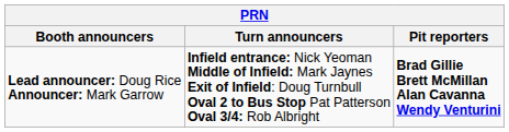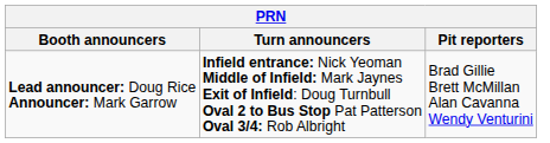 <table class="wikitable" style="font-size: 95%">
 <tr>
 <th colspan="3"><a href='#'>PRN</a></th>
 </tr>
 <tr>
 <th>Booth announcers</th>
 <th>Turn announcers</th>
 <th>Pit reporters</th>
 </tr>
 <tr>
 <td><strong>Lead announcer:</strong> Doug Rice<br><strong>Announcer:</strong> Mark Garrow</td>
 <td><strong>Infield entrance:</strong> Nick Yeoman<br><strong>Middle of Infield:</strong> Mark Jaynes<br><strong>Exit of Infield</strong>: Doug Turnbull<br><strong>Oval 2 to Bus Stop</strong> Pat Patterson<br><strong>Oval 3/4:</strong> Rob Albright</td>
-<td><strong>Brad Gillie<br>Brett McMillan<br>Alan Cavanna<br><a href='#'>Wendy Venturini</a></strong></td>
+<td>Brad Gillie<br>Brett McMillan<br>Alan Cavanna<br><a href='#'>Wendy Venturini</a></td>
 </tr>
 </table>
